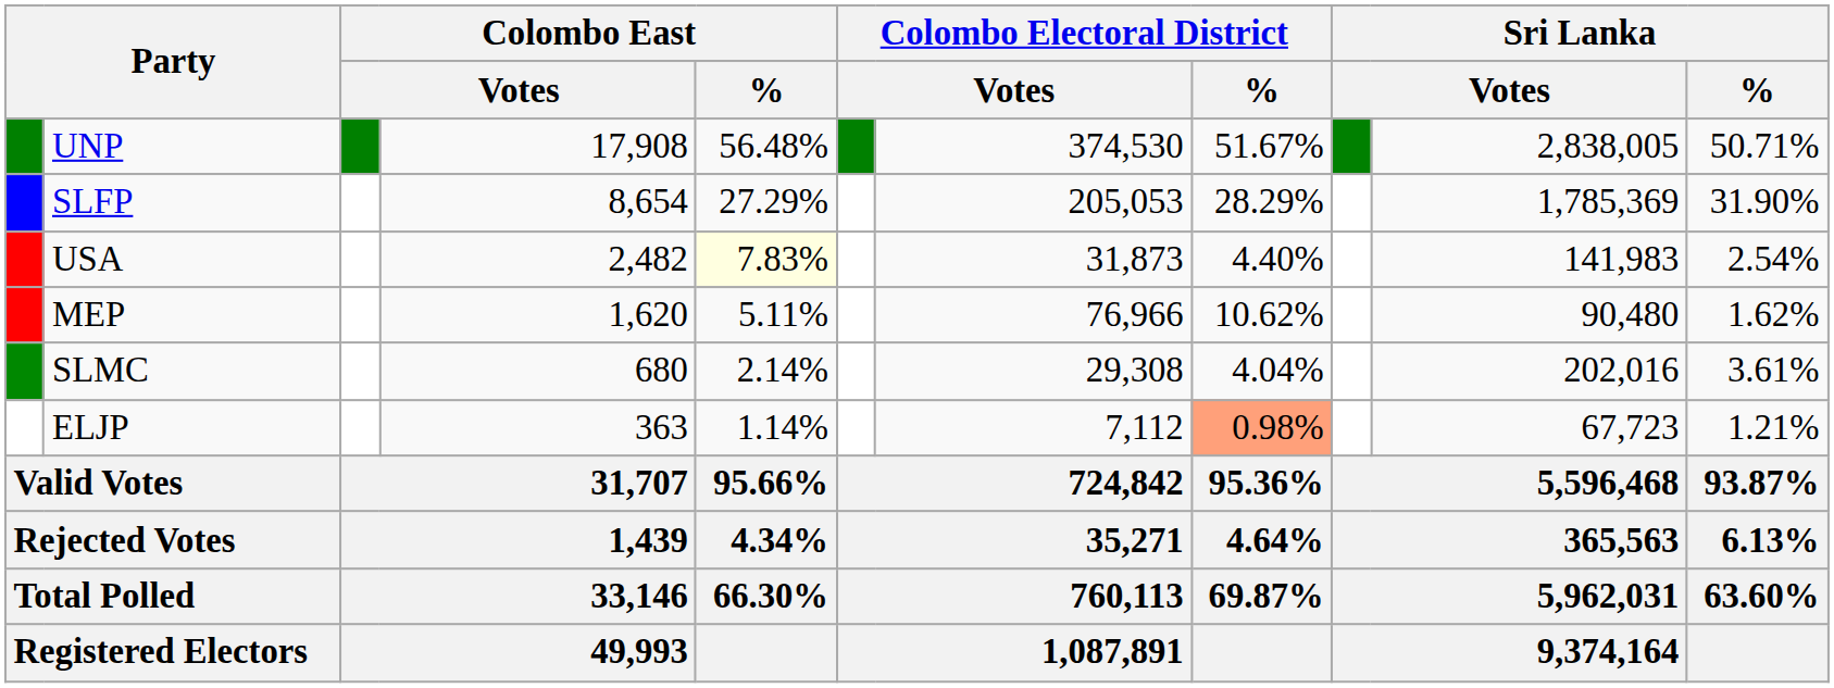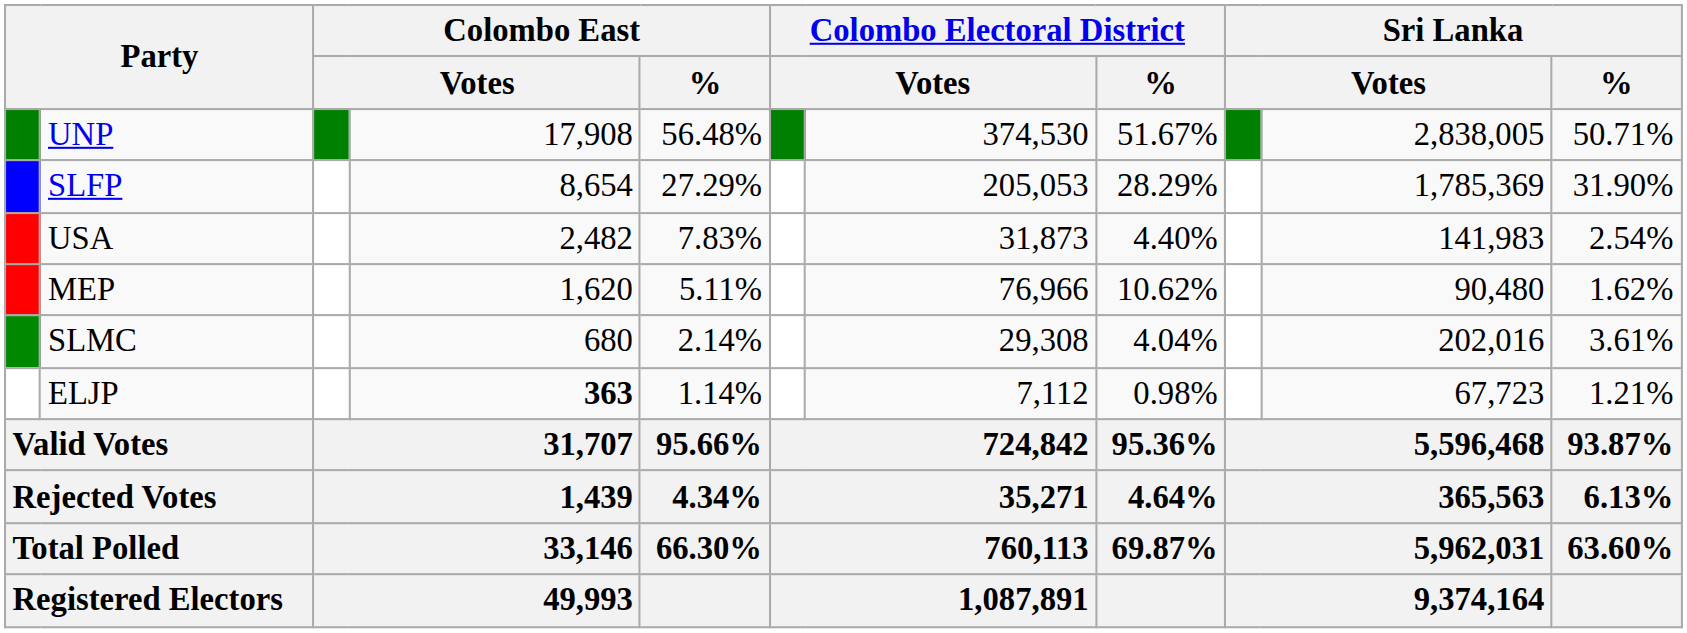 <table class="wikitable">
 <tr>
 <th colspan="2" width="144px"rowspan="2">Party</th>
 <th colspan="3" width="216px">Colombo East</th>
 <th colspan="3" width="216px"><a href='#'>Colombo Electoral District</a></th>
 <th colspan="3" width="216px">Sri Lanka</th>
 </tr>
 <tr>
 <th colspan="2" width="144px">Votes</th>
 <th>%</th>
 <th colspan="2" width="144px">Votes</th>
 <th>%</th>
 <th colspan="2" width="144px">Votes</th>
 <th>%</th>
 </tr>
 <tr>
 <td style="background-color:green;" width="10px"></td>
 <td style="text-align:left;"><a href='#'>UNP</a></td>
 <td style="background-color:green;" width="10px"></td>
 <td style="text-align:right;">17,908</td>
 <td style="text-align:right;">56.48%</td>
 <td style="background-color:green;" width="10px"></td>
 <td style="text-align:right;">374,530</td>
 <td style="text-align:right;">51.67%</td>
 <td style="background-color:green;" width="10px"></td>
 <td style="text-align:right;">2,838,005</td>
 <td style="text-align:right;">50.71%</td>
 </tr>
 <tr>
 <td style="background-color:blue;" width="10px"></td>
 <td style="text-align:left;"><a href='#'>SLFP</a></td>
 <td style="background-color:white;" width="10px"></td>
 <td style="text-align:right;">8,654</td>
 <td style="text-align:right;">27.29%</td>
 <td style="background-color:white;" width="10px"></td>
 <td style="text-align:right;">205,053</td>
 <td style="text-align:right;">28.29%</td>
 <td style="background-color:white;" width="10px"></td>
 <td style="text-align:right;">1,785,369</td>
 <td style="text-align:right;">31.90%</td>
 </tr>
 <tr>
 <td style="background-color:red;" width="10px"></td>
 <td style="text-align:left;">USA</td>
 <td style="background-color:white;" width="10px"></td>
 <td style="text-align:right;">2,482</td>
-<td style="background: lightyellow; text-align:right;">7.83%</td>
+<td style="text-align:right;">7.83%</td>
 <td style="background-color:white;" width="10px"></td>
 <td style="text-align:right;">31,873</td>
 <td style="text-align:right;">4.40%</td>
 <td style="background-color:white;" width="10px"></td>
 <td style="text-align:right;">141,983</td>
 <td style="text-align:right;">2.54%</td>
 </tr>
 <tr>
 <td style="background-color:red;" width="10px"></td>
 <td style="text-align:left;">MEP</td>
 <td style="background-color:white;" width="10px"></td>
 <td style="text-align:right;">1,620</td>
 <td style="text-align:right;">5.11%</td>
 <td style="background-color:white;" width="10px"></td>
 <td style="text-align:right;">76,966</td>
 <td style="text-align:right;">10.62%</td>
 <td style="background-color:white;" width="10px"></td>
 <td style="text-align:right;">90,480</td>
 <td style="text-align:right;">1.62%</td>
 </tr>
 <tr>
 <td style="background-color:#008800;" width="10px"></td>
 <td style="text-align:left;">SLMC</td>
 <td style="background-color:white;" width="10px"></td>
 <td style="text-align:right;">680</td>
 <td style="text-align:right;">2.14%</td>
 <td style="background-color:white;" width="10px"></td>
 <td style="text-align:right;">29,308</td>
 <td style="text-align:right;">4.04%</td>
 <td style="background-color:white;" width="10px"></td>
 <td style="text-align:right;">202,016</td>
 <td style="text-align:right;">3.61%</td>
 </tr>
 <tr>
 <td style="background-color:white;" width="10px"></td>
 <td style="text-align:left;">ELJP</td>
 <td style="background-color:white;" width="10px"></td>
-<td style="text-align:right;">363</td>
+<td style="text-align:right;"><strong>363</strong></td>
 <td style="text-align:right;">1.14%</td>
 <td style="background-color:white;" width="10px"></td>
 <td style="text-align:right;">7,112</td>
-<td style="background: lightsalmon; text-align:right;">0.98%</td>
+<td style="text-align:right;">0.98%</td>
 <td style="background-color:white;" width="10px"></td>
 <td style="text-align:right;">67,723</td>
 <td style="text-align:right;">1.21%</td>
 </tr>
 <tr>
 <th colspan="2" width="144px"style="text-align:left;">Valid Votes</th>
 <th style="text-align:right;"colspan="2" width="144px">31,707</th>
 <th style="text-align:right;">95.66%</th>
 <th style="text-align:right;"colspan="2" width="144px">724,842</th>
 <th style="text-align:right;">95.36%</th>
 <th style="text-align:right;"colspan="2" width="144px">5,596,468</th>
 <th style="text-align:right;">93.87%</th>
 </tr>
 <tr>
 <th colspan="2" width="144px"style="text-align:left;">Rejected Votes</th>
 <th style="text-align:right;"colspan="2" width="144px">1,439</th>
 <th style="text-align:right;">4.34%</th>
 <th style="text-align:right;"colspan="2" width="144px">35,271</th>
 <th style="text-align:right;">4.64%</th>
 <th style="text-align:right;"colspan="2" width="144px">365,563</th>
 <th style="text-align:right;">6.13%</th>
 </tr>
 <tr>
 <th colspan="2" width="144px"style="text-align:left;">Total Polled</th>
 <th style="text-align:right;"colspan="2" width="144px">33,146</th>
 <th style="text-align:right;">66.30%</th>
 <th style="text-align:right;"colspan="2" width="144px">760,113</th>
 <th style="text-align:right;">69.87%</th>
 <th style="text-align:right;"colspan="2" width="144px">5,962,031</th>
 <th style="text-align:right;">63.60%</th>
 </tr>
 <tr>
 <th colspan="2" width="144px"style="text-align:left;">Registered Electors</th>
 <th style="text-align:right;"colspan="2" width="144px">49,993</th>
 <th></th>
 <th style="text-align:right;"colspan="2" width="144px">1,087,891</th>
 <th></th>
 <th style="text-align:right;"colspan="2" width="144px">9,374,164</th>
 <th></th>
 </tr>
 </table>
